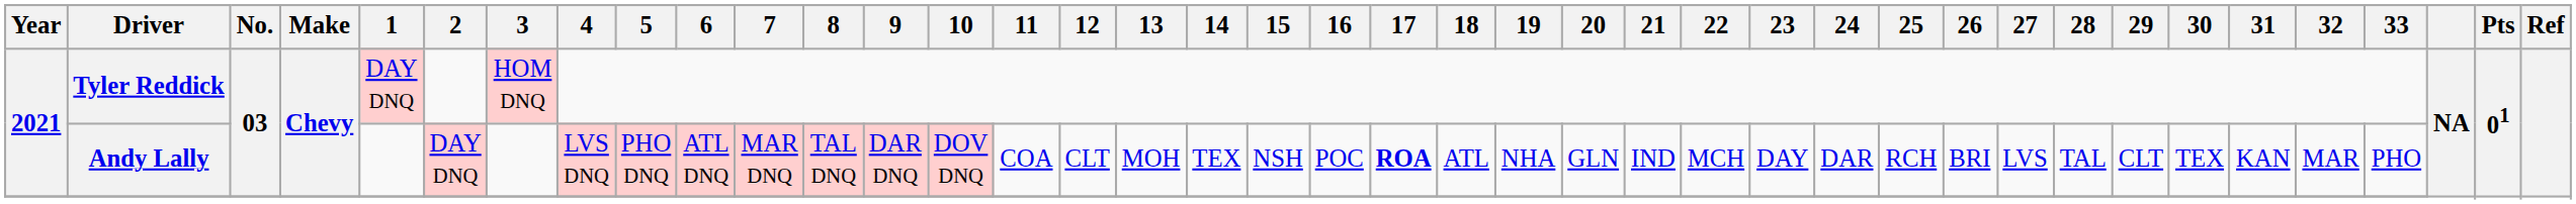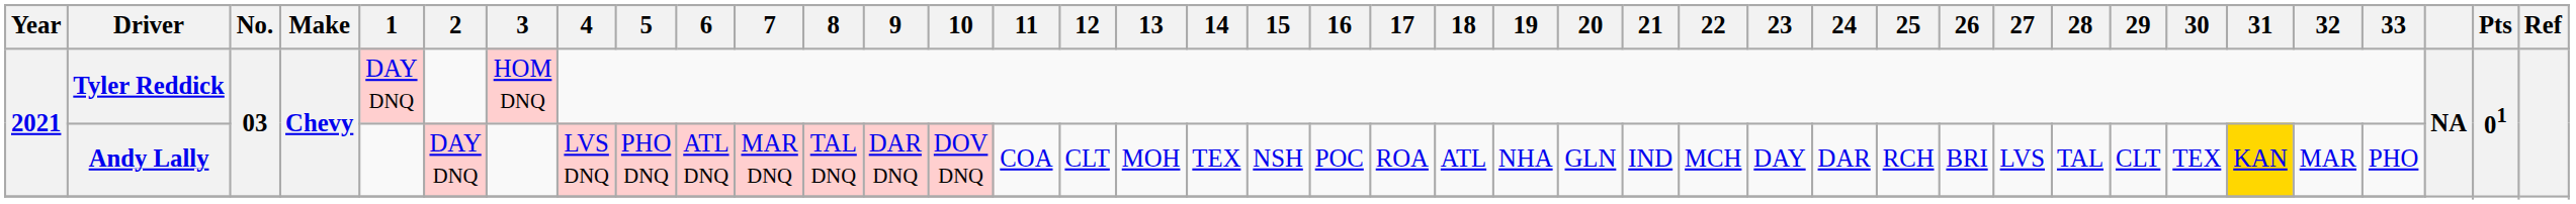 <table class="wikitable" style="text-align:center; font-size:75%">
 <tr>
 <th>Year</th>
 <th>Driver</th>
 <th>No.</th>
 <th>Make</th>
 <th>1</th>
 <th>2</th>
 <th>3</th>
 <th>4</th>
 <th>5</th>
 <th>6</th>
 <th>7</th>
 <th>8</th>
 <th>9</th>
 <th>10</th>
 <th>11</th>
 <th>12</th>
 <th>13</th>
 <th>14</th>
 <th>15</th>
 <th>16</th>
 <th>17</th>
 <th>18</th>
 <th>19</th>
 <th>20</th>
 <th>21</th>
 <th>22</th>
 <th>23</th>
 <th>24</th>
 <th>25</th>
 <th>26</th>
 <th>27</th>
 <th>28</th>
 <th>29</th>
 <th>30</th>
 <th>31</th>
 <th>32</th>
 <th>33</th>
 <th></th>
 <th>Pts</th>
 <th>Ref</th>
 </tr>
 <tr>
 <th Rowspan=2><a href='#'>2021</a></th>
 <th><a href='#'>Tyler Reddick</a></th>
 <th Rowspan=2>03</th>
 <th Rowspan=2><a href='#'>Chevy</a></th>
 <td style="background:#FFCFCF;"><a href='#'>DAY</a><br><small>DNQ</small></td>
 <td colspan=1></td>
 <td style="background:#FFCFCF;"><a href='#'>HOM</a><br><small>DNQ</small></td>
 <td colspan=30></td>
 <th Rowspan=3>NA</th>
 <th Rowspan=3>0<sup>1</sup></th>
 <th Rowspan=3></th>
 </tr>
 <tr>
 <th><a href='#'>Andy Lally</a></th>
 <td colspan=1></td>
 <td style="background:#FFCFCF;"><a href='#'>DAY</a><br><small>DNQ</small></td>
 <td colspan=1></td>
 <td style="background:#FFCFCF;"><a href='#'>LVS</a><br><small>DNQ</small></td>
 <td style="background:#FFCFCF;"><a href='#'>PHO</a><br><small>DNQ</small></td>
 <td style="background:#FFCFCF;"><a href='#'>ATL</a><br><small>DNQ</small></td>
 <td style="background:#FFCFCF;"><a href='#'>MAR</a><br><small>DNQ</small></td>
 <td style="background:#FFCFCF;"><a href='#'>TAL</a><br><small>DNQ</small></td>
 <td style="background:#FFCFCF;"><a href='#'>DAR</a><br><small>DNQ</small></td>
 <td style="background:#FFCFCF;"><a href='#'>DOV</a><br><small>DNQ</small></td>
 <td><a href='#'>COA</a></td>
 <td><a href='#'>CLT</a></td>
 <td><a href='#'>MOH</a></td>
 <td><a href='#'>TEX</a></td>
 <td><a href='#'>NSH</a></td>
 <td><a href='#'>POC</a></td>
-<td><strong><a href='#'>ROA</a></strong></td>
+<td><a href='#'>ROA</a></td>
 <td><a href='#'>ATL</a></td>
 <td><a href='#'>NHA</a></td>
 <td><a href='#'>GLN</a></td>
 <td><a href='#'>IND</a></td>
 <td><a href='#'>MCH</a></td>
 <td><a href='#'>DAY</a></td>
 <td><a href='#'>DAR</a></td>
 <td><a href='#'>RCH</a></td>
 <td><a href='#'>BRI</a></td>
 <td><a href='#'>LVS</a></td>
 <td><a href='#'>TAL</a></td>
 <td><a href='#'>CLT</a></td>
 <td><a href='#'>TEX</a></td>
-<td><a href='#'>KAN</a></td>
+<td style="background: gold;"><a href='#'>KAN</a></td>
 <td><a href='#'>MAR</a></td>
 <td><a href='#'>PHO</a></td>
 </tr>
 <tr>
 </tr>
 </table>
